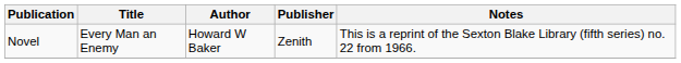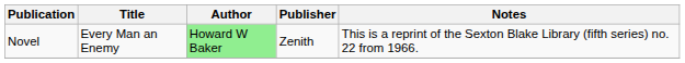 <table class="wikitable">
 <tr>
 <th>Publication</th>
 <th>Title</th>
 <th>Author</th>
 <th>Publisher</th>
 <th>Notes</th>
 </tr>
 <tr>
 <td>Novel</td>
 <td>Every Man an Enemy</td>
-<td>Howard W Baker</td>
+<td style="background: lightgreen;">Howard W Baker</td>
 <td>Zenith</td>
 <td>This is a reprint of the Sexton Blake Library (fifth series) no. 22 from 1966.</td>
 </tr>
 <tr>
 </tr>
 </table>
